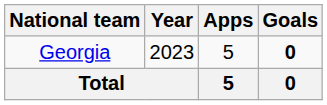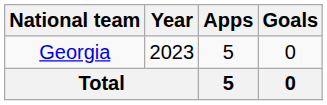 <table class="wikitable" style="text-align:center">
 <tr>
 <th>National team</th>
 <th>Year</th>
 <th>Apps</th>
 <th>Goals</th>
 </tr>
 <tr>
 <td rowspan=1><a href='#'>Georgia</a></td>
 <td>2023</td>
 <td>5</td>
-<td><strong>0</strong></td>
+<td>0</td>
 </tr>
 <tr>
 <th colspan=2>Total</th>
 <th>5</th>
 <th>0</th>
 </tr>
 </table>
